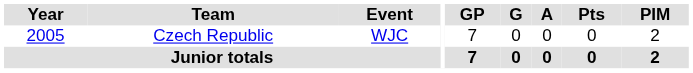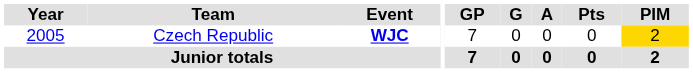 <table border="0" cellpadding="1" cellspacing="0" ID="Table3" style="text-align:center; width:40em">
 <tr bgcolor="#e0e0e0">
 <th>Year</th>
 <th>Team</th>
 <th>Event</th>
 <th rowspan="102" bgcolor="#ffffff"></th>
 <th>GP</th>
 <th>G</th>
 <th>A</th>
 <th>Pts</th>
 <th>PIM</th>
 </tr>
 <tr>
 <td><a href='#'>2005</a></td>
 <td><a href='#'>Czech Republic</a></td>
-<td><a href='#'>WJC</a></td>
+<td><strong><a href='#'>WJC</a></strong></td>
 <td>7</td>
 <td>0</td>
 <td>0</td>
 <td>0</td>
-<td>2</td>
+<td style="background: gold;">2</td>
 </tr>
 <tr bgcolor="#e0e0e0">
 <th colspan="3">Junior totals</th>
 <th>7</th>
 <th>0</th>
 <th>0</th>
 <th>0</th>
 <th>2</th>
 </tr>
 </table>
